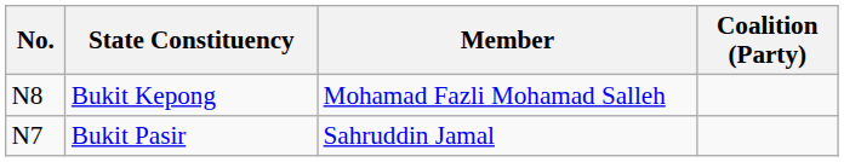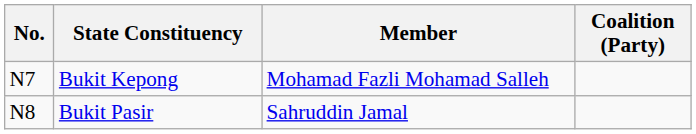 <table class="wikitable sortable">
 <tr>
 <th width="30">No.</th>
 <th width="150">State Constituency</th>
 <th width="230">Member</th>
 <th width="80">Coalition (Party)</th>
 </tr>
 <tr>
-<td>N8</td>
+<td>N7</td>
 <td><a href='#'>Bukit Kepong</a></td>
 <td><a href='#'>Mohamad Fazli Mohamad Salleh</a></td>
 <td></td>
 </tr>
 <tr>
-<td>N7</td>
+<td>N8</td>
 <td><a href='#'>Bukit Pasir</a></td>
 <td><a href='#'>Sahruddin Jamal</a></td>
 <td></td>
 </tr>
 </table>
